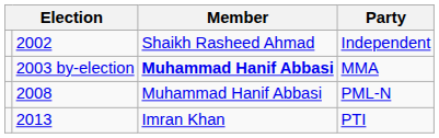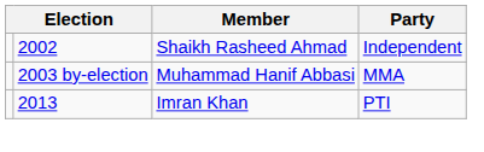 <table class="wikitable">
 <tr>
 <th colspan="2">Election</th>
 <th>Member</th>
 <th>Party</th>
 </tr>
 <tr>
 <td style="background-color: "></td>
 <td><a href='#'>2002</a></td>
 <td><a href='#'>Shaikh Rasheed Ahmad</a></td>
 <td><a href='#'>Independent</a></td>
 </tr>
 <tr>
 <td style="background-color: "></td>
 <td><a href='#'>2003 by-election</a></td>
-<td><strong><a href='#'>Muhammad Hanif Abbasi</a></strong></td>
+<td><a href='#'>Muhammad Hanif Abbasi</a></td>
 <td><a href='#'>MMA</a></td>
-</tr>
-<tr>
-<td style="background-color: "></td>
-<td><a href='#'>2008</a></td>
-<td><a href='#'>Muhammad Hanif Abbasi</a></td>
-<td><a href='#'>PML-N</a></td>
 </tr>
 <tr>
 <td style="background-color: "></td>
 <td><a href='#'>2013</a></td>
 <td><a href='#'>Imran Khan</a></td>
 <td><a href='#'>PTI</a></td>
 </tr>
 </table>
